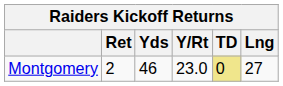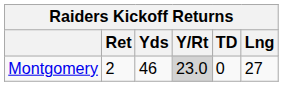 <table class="wikitable">
 <tr>
 <th colspan="6">Raiders Kickoff Returns</th>
 </tr>
 <tr>
 <th></th>
 <th>Ret</th>
 <th>Yds</th>
 <th>Y/Rt</th>
 <th>TD</th>
 <th>Lng</th>
 </tr>
 <tr>
 <td><a href='#'>Montgomery</a></td>
 <td>2</td>
 <td>46</td>
-<td>23.0</td>
-<td style="background: khaki;">0</td>
+<td style="background: lightgrey;">23.0</td>
+<td>0</td>
 <td>27</td>
 </tr>
 </table>
